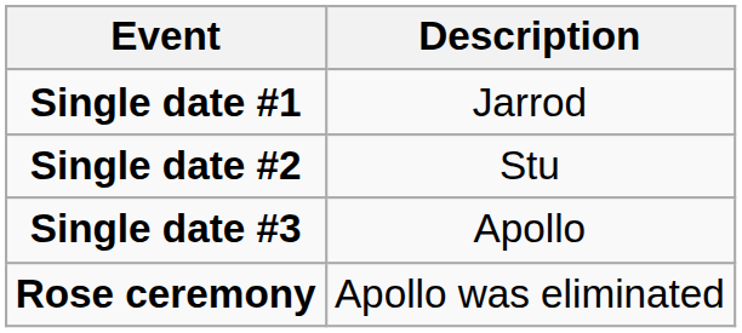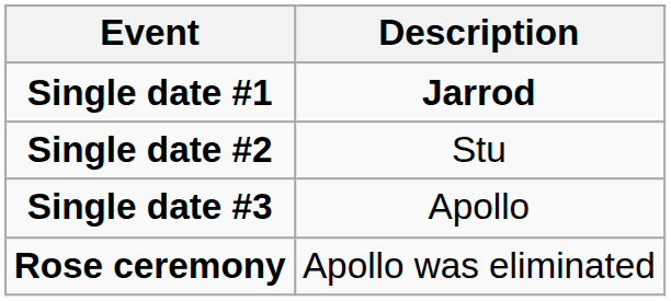 <table class="wikitable sortable" style="text-align:center;">
 <tr>
 <th>Event</th>
 <th>Description</th>
 </tr>
 <tr>
 <td><strong>Single date #1</strong></td>
-<td>Jarrod</td>
+<td><strong>Jarrod</strong></td>
 </tr>
 <tr>
 <td><strong>Single date #2</strong></td>
 <td>Stu</td>
 </tr>
 <tr>
 <td><strong>Single date #3</strong></td>
 <td>Apollo</td>
 </tr>
 <tr>
 <td><strong>Rose ceremony</strong></td>
 <td>Apollo was eliminated</td>
 </tr>
 </table>
